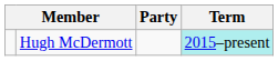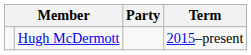 <table class="wikitable">
 <tr>
 <th colspan=2>Member</th>
 <th>Party</th>
 <th>Term</th>
 </tr>
 <tr>
 <td> </td>
 <td><a href='#'>Hugh McDermott</a></td>
 <td></td>
-<td style="background: paleturquoise;"><a href='#'>2015</a>–present</td>
+<td><a href='#'>2015</a>–present</td>
 </tr>
 </table>
